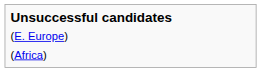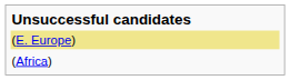 <table class="infobox" width="300px">
 <tr>
 <td><strong>Unsuccessful candidates</strong></td>
 </tr>
 <tr>
-<td> <small>(<a href='#'>E. Europe</a>)</small></td>
+<td style="background: khaki;"> <small>(<a href='#'>E. Europe</a>)</small></td>
 </tr>
 <tr>
 <td> <small>(<a href='#'>Africa</a>)</small></td>
 </tr>
 </table>
